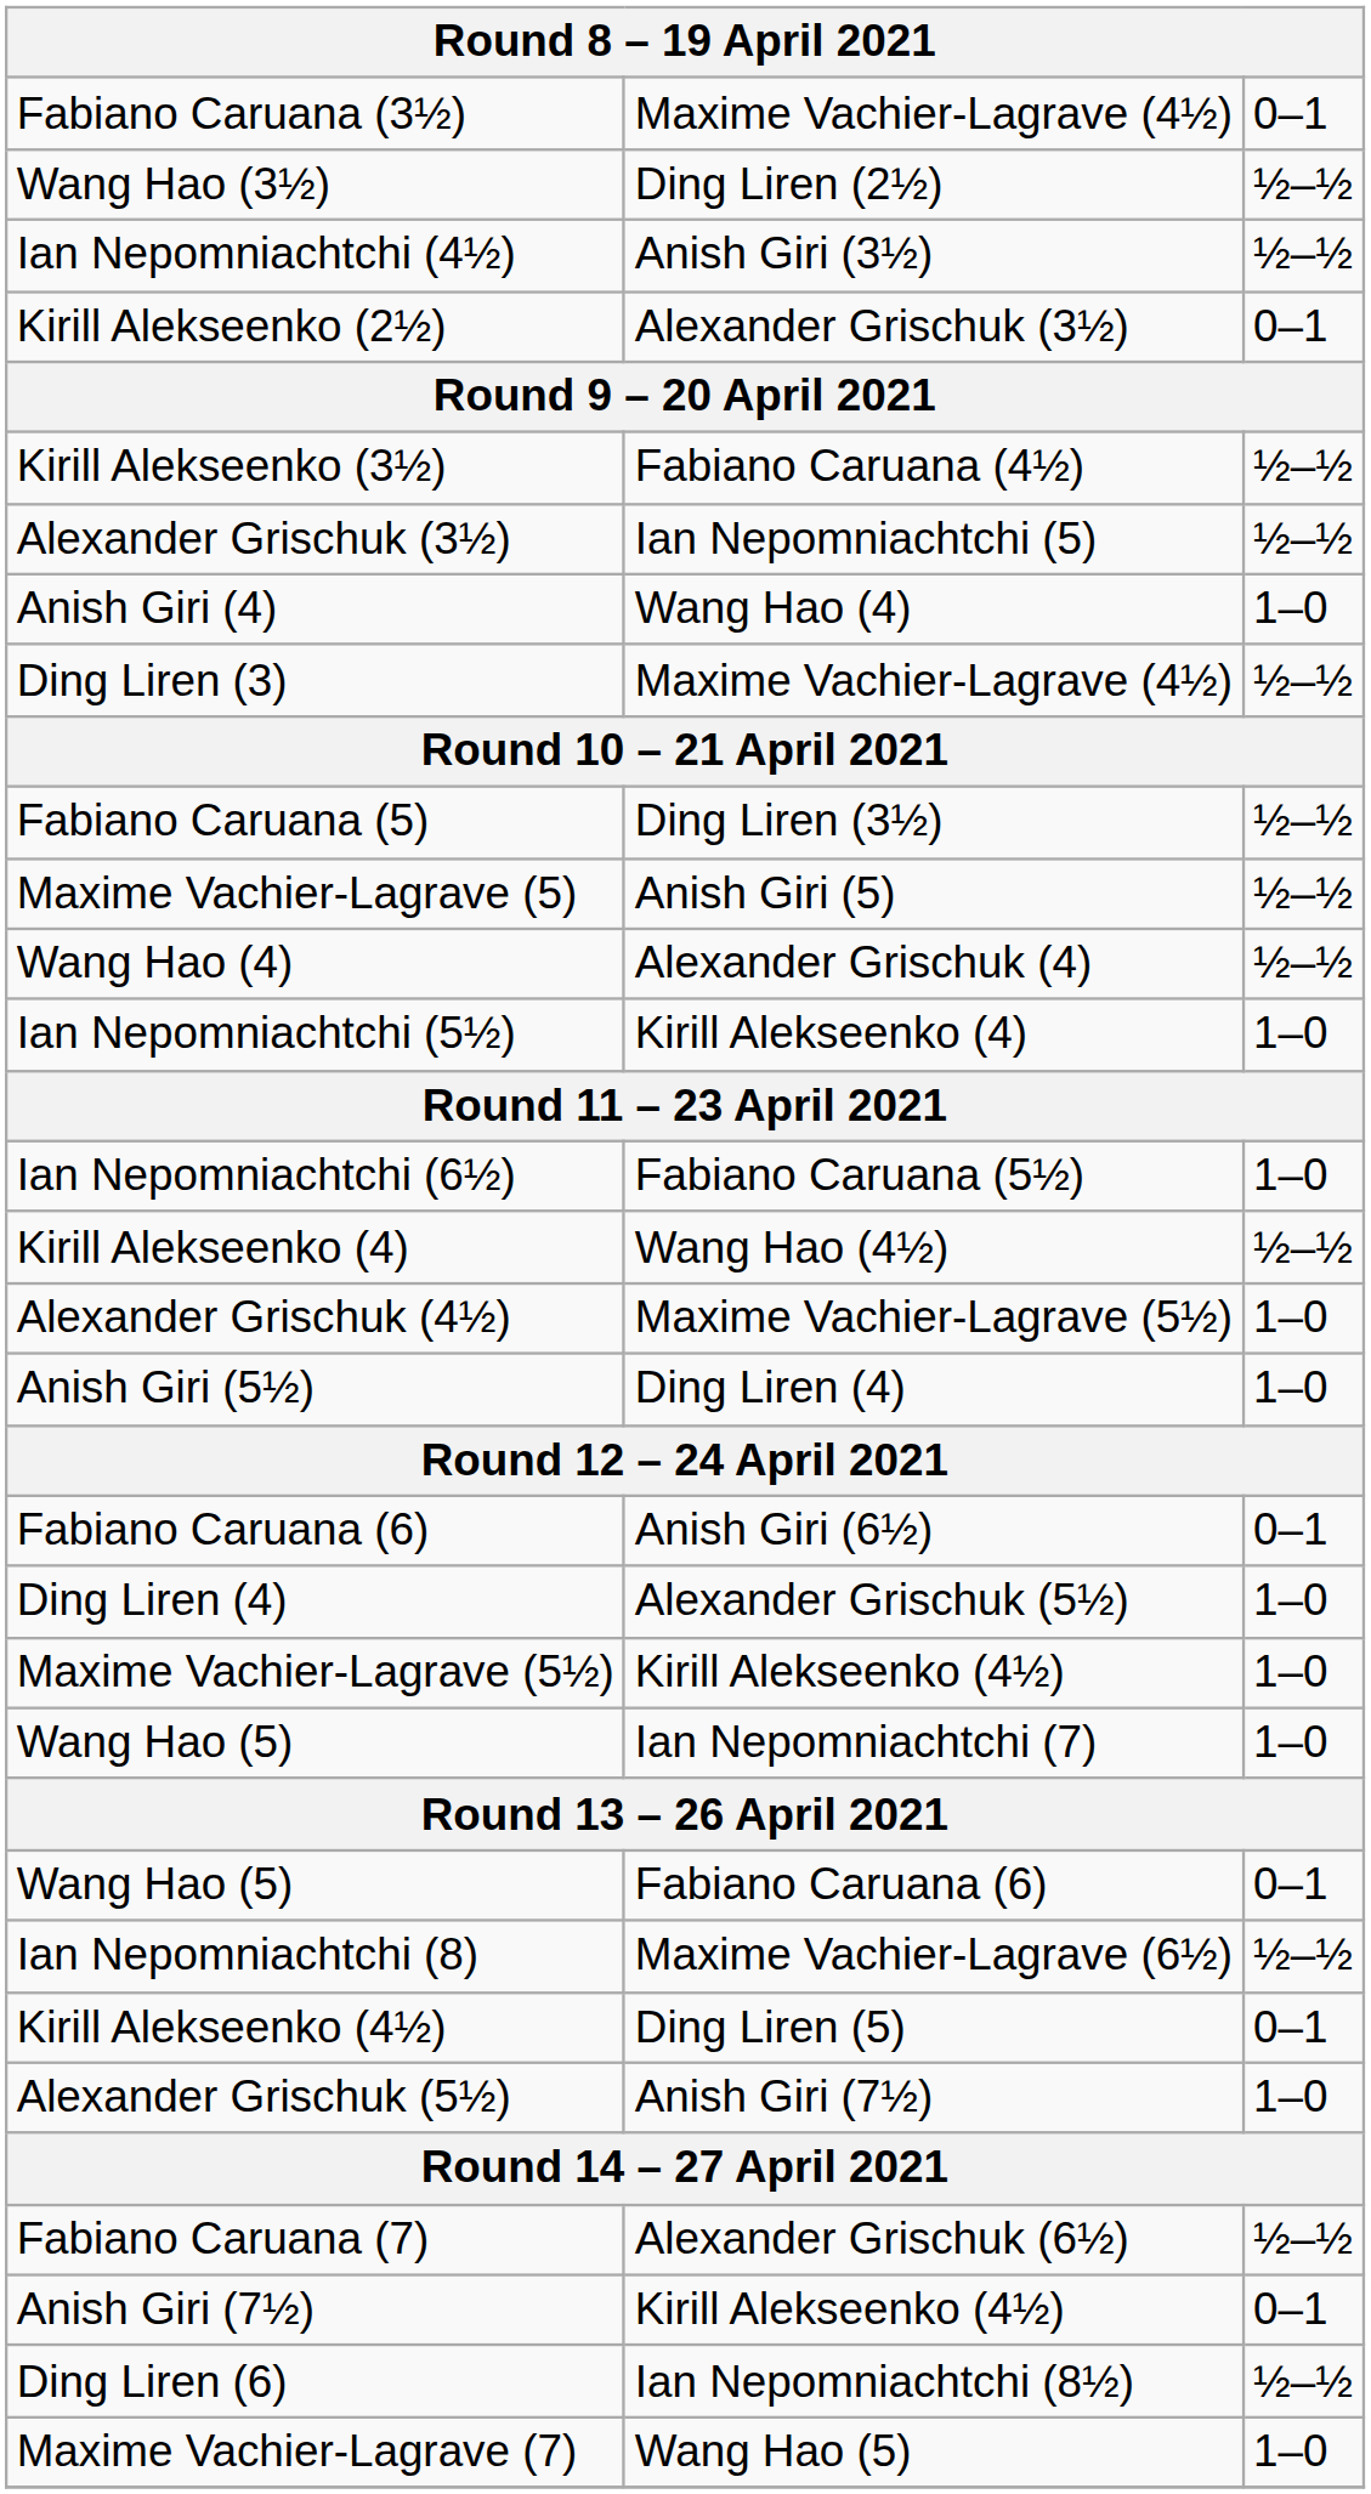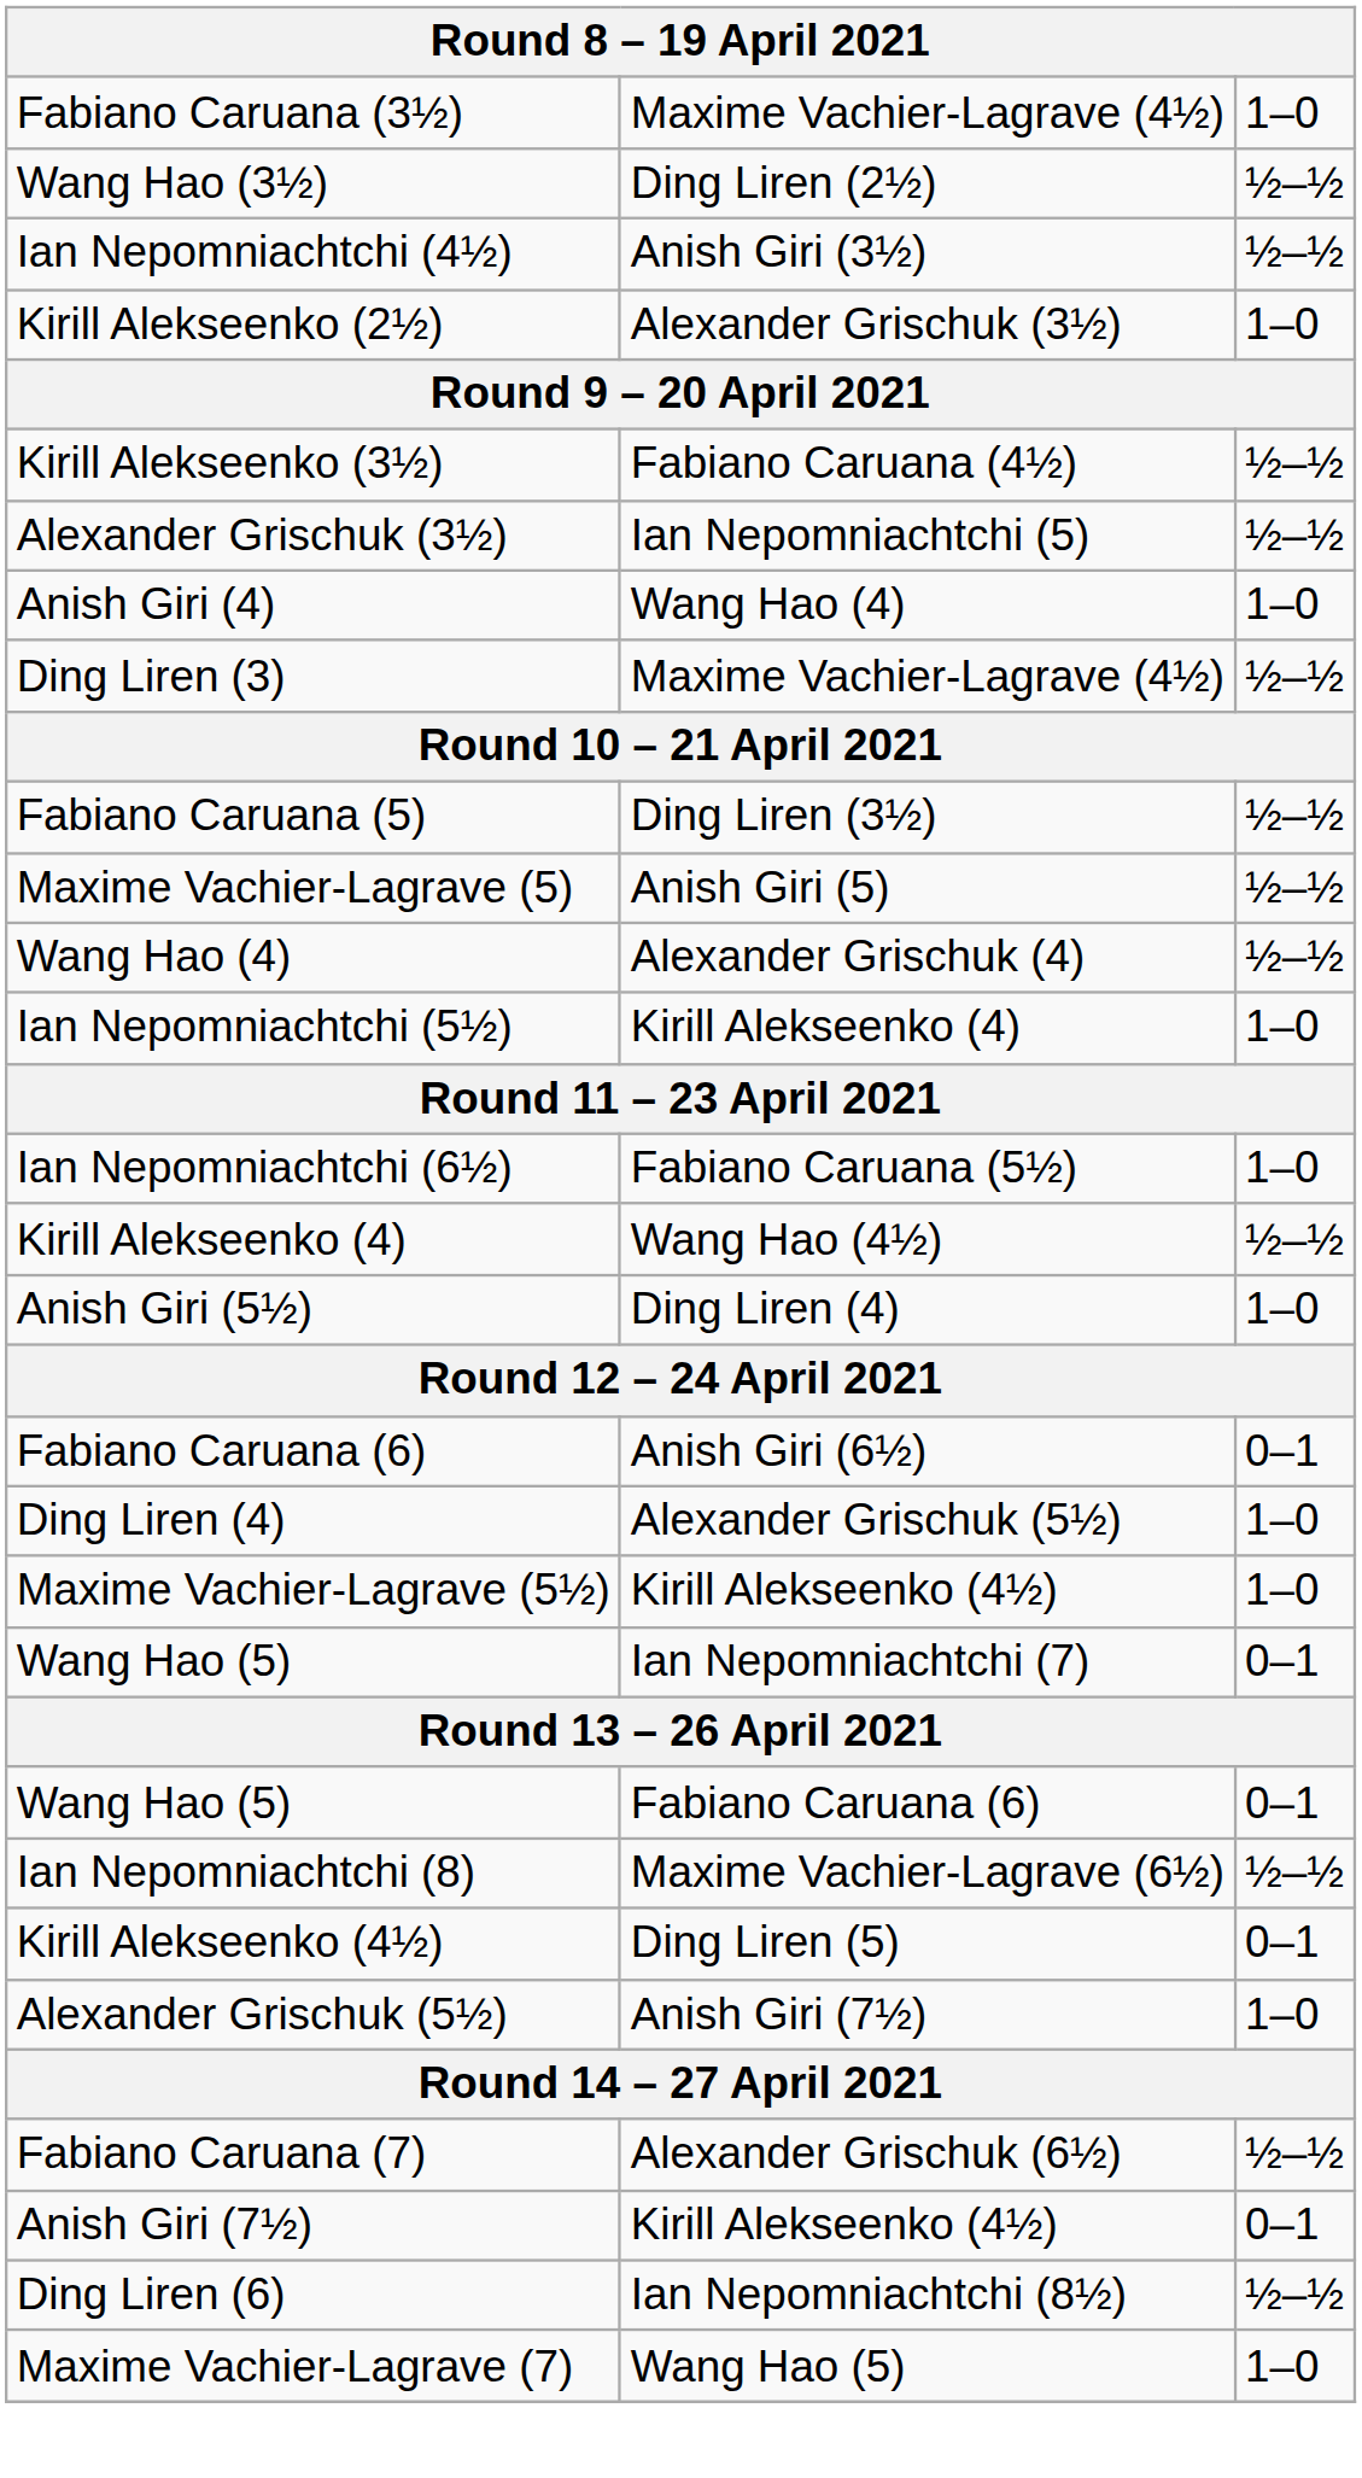 <table class="wikitable" style="display:inline-table">
 <tr>
 <th colspan=3>Round 8 – 19 April 2021</th>
 </tr>
 <tr>
 <td>Fabiano Caruana (3½)</td>
 <td>Maxime Vachier-Lagrave (4½)</td>
-<td>0–1</td>
+<td>1–0</td>
 </tr>
 <tr>
 <td>Wang Hao (3½)</td>
 <td>Ding Liren (2½)</td>
 <td>½–½</td>
 </tr>
 <tr>
 <td>Ian Nepomniachtchi (4½)</td>
 <td>Anish Giri (3½)</td>
 <td>½–½</td>
 </tr>
 <tr>
 <td>Kirill Alekseenko (2½)</td>
 <td>Alexander Grischuk (3½)</td>
-<td>0–1</td>
+<td>1–0</td>
 </tr>
 <tr>
 <th colspan=3>Round 9 – 20 April 2021</th>
 </tr>
 <tr>
 <td>Kirill Alekseenko (3½)</td>
 <td>Fabiano Caruana (4½)</td>
 <td>½–½</td>
 </tr>
 <tr>
 <td>Alexander Grischuk (3½)</td>
 <td>Ian Nepomniachtchi (5)</td>
 <td>½–½</td>
 </tr>
 <tr>
 <td>Anish Giri (4)</td>
 <td>Wang Hao (4)</td>
 <td>1–0</td>
 </tr>
 <tr>
 <td>Ding Liren (3)</td>
 <td>Maxime Vachier-Lagrave (4½)</td>
 <td>½–½</td>
 </tr>
 <tr>
 <th colspan=3>Round 10 – 21 April 2021</th>
 </tr>
 <tr>
 <td>Fabiano Caruana (5)</td>
 <td>Ding Liren (3½)</td>
 <td>½–½</td>
 </tr>
 <tr>
 <td>Maxime Vachier-Lagrave (5)</td>
 <td>Anish Giri (5)</td>
 <td>½–½</td>
 </tr>
 <tr>
 <td>Wang Hao (4)</td>
 <td>Alexander Grischuk (4)</td>
 <td>½–½</td>
 </tr>
 <tr>
 <td>Ian Nepomniachtchi (5½)</td>
 <td>Kirill Alekseenko (4)</td>
 <td>1–0</td>
 </tr>
 <tr>
 <th colspan=3>Round 11 – 23 April 2021</th>
 </tr>
 <tr>
 <td>Ian Nepomniachtchi (6½)</td>
 <td>Fabiano Caruana (5½)</td>
 <td>1–0</td>
 </tr>
 <tr>
 <td>Kirill Alekseenko (4)</td>
 <td>Wang Hao (4½)</td>
 <td>½–½</td>
 </tr>
 <tr>
-<td>Alexander Grischuk (4½)</td>
-<td>Maxime Vachier-Lagrave (5½)</td>
-<td>1–0</td>
-</tr>
-<tr>
 <td>Anish Giri (5½)</td>
 <td>Ding Liren (4)</td>
 <td>1–0</td>
 </tr>
 <tr>
 <th colspan=3>Round 12 – 24 April 2021</th>
 </tr>
 <tr>
 <td>Fabiano Caruana (6)</td>
 <td>Anish Giri (6½)</td>
 <td>0–1</td>
 </tr>
 <tr>
 <td>Ding Liren (4)</td>
 <td>Alexander Grischuk (5½)</td>
 <td>1–0</td>
 </tr>
 <tr>
 <td>Maxime Vachier-Lagrave (5½)</td>
 <td>Kirill Alekseenko (4½)</td>
 <td>1–0</td>
 </tr>
 <tr>
 <td>Wang Hao (5)</td>
 <td>Ian Nepomniachtchi (7)</td>
-<td>1–0</td>
+<td>0–1</td>
 </tr>
 <tr>
 <th colspan=3>Round 13 – 26 April 2021</th>
 </tr>
 <tr>
 <td>Wang Hao (5)</td>
 <td>Fabiano Caruana (6)</td>
 <td>0–1</td>
 </tr>
 <tr>
 <td>Ian Nepomniachtchi (8)</td>
 <td>Maxime Vachier-Lagrave (6½)</td>
 <td>½–½</td>
 </tr>
 <tr>
 <td>Kirill Alekseenko (4½)</td>
 <td>Ding Liren (5)</td>
 <td>0–1</td>
 </tr>
 <tr>
 <td>Alexander Grischuk (5½)</td>
 <td>Anish Giri (7½)</td>
 <td>1–0</td>
 </tr>
 <tr>
 <th colspan=3>Round 14 – 27 April 2021</th>
 </tr>
 <tr>
 <td>Fabiano Caruana (7)</td>
 <td>Alexander Grischuk (6½)</td>
 <td>½–½</td>
 </tr>
 <tr>
 <td>Anish Giri (7½)</td>
 <td>Kirill Alekseenko (4½)</td>
 <td>0–1</td>
 </tr>
 <tr>
 <td>Ding Liren (6)</td>
 <td>Ian Nepomniachtchi (8½)</td>
 <td>½–½</td>
 </tr>
 <tr>
 <td>Maxime Vachier-Lagrave (7)</td>
 <td>Wang Hao (5)</td>
 <td>1–0</td>
 </tr>
 <tr>
 </tr>
 </table>
